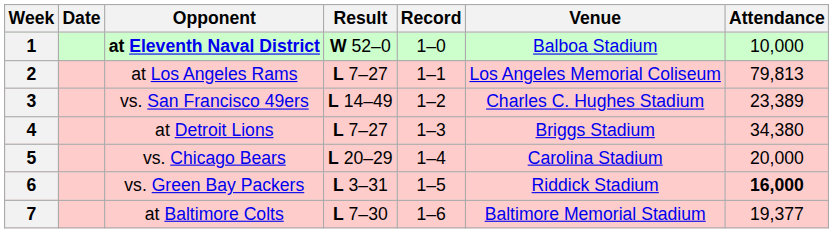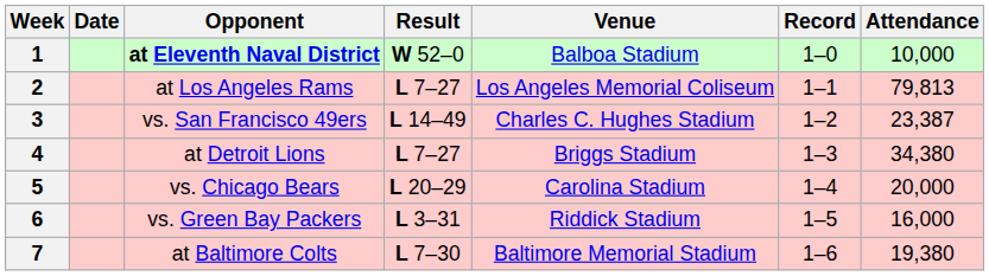 <table class="wikitable" style="text-align:center">
 <tr>
 <th>Week</th>
 <th>Date</th>
 <th>Opponent</th>
 <th>Result</th>
+<th>Venue</th>
 <th>Record</th>
-<th>Venue</th>
 <th>Attendance</th>
 </tr>
 <tr style="background:#cfc;">
 <th>1</th>
 <td></td>
 <td><strong>at <a href='#'>Eleventh Naval District</a></strong></td>
 <td><strong>W</strong> 52–0</td>
+<td><a href='#'>Balboa Stadium</a></td>
 <td>1–0</td>
-<td><a href='#'>Balboa Stadium</a></td>
 <td>10,000</td>
 </tr>
 <tr style="background:#fcc;">
 <th>2</th>
 <td></td>
 <td>at <a href='#'>Los Angeles Rams</a></td>
 <td><strong>L</strong> 7–27</td>
+<td><a href='#'>Los Angeles Memorial Coliseum</a></td>
 <td>1–1</td>
-<td><a href='#'>Los Angeles Memorial Coliseum</a></td>
 <td>79,813</td>
 </tr>
 <tr style="background:#fcc;">
 <th>3</th>
 <td></td>
 <td>vs. <a href='#'>San Francisco 49ers</a></td>
 <td><strong>L</strong> 14–49</td>
+<td><a href='#'>Charles C. Hughes Stadium</a> </td>
 <td>1–2</td>
-<td><a href='#'>Charles C. Hughes Stadium</a> </td>
-<td>23,389</td>
+<td>23,387</td>
 </tr>
 <tr style="background:#fcc;">
 <th>4</th>
 <td></td>
 <td>at <a href='#'>Detroit Lions</a></td>
 <td><strong>L</strong> 7–27</td>
+<td><a href='#'>Briggs Stadium</a></td>
 <td>1–3</td>
-<td><a href='#'>Briggs Stadium</a></td>
 <td>34,380</td>
 </tr>
 <tr style="background:#fcc;">
 <th>5</th>
 <td></td>
 <td>vs. <a href='#'>Chicago Bears</a></td>
 <td><strong>L</strong> 20–29</td>
+<td><a href='#'>Carolina Stadium</a> </td>
 <td>1–4</td>
-<td><a href='#'>Carolina Stadium</a> </td>
 <td>20,000</td>
 </tr>
 <tr style="background:#fcc;">
 <th>6</th>
 <td></td>
 <td>vs. <a href='#'>Green Bay Packers</a></td>
 <td><strong>L</strong> 3–31</td>
+<td><a href='#'>Riddick Stadium</a> </td>
 <td>1–5</td>
-<td><a href='#'>Riddick Stadium</a> </td>
-<td><strong>16,000</strong></td>
+<td>16,000</td>
 </tr>
 <tr style="background:#fcc;">
 <th>7</th>
 <td></td>
 <td>at <a href='#'>Baltimore Colts</a></td>
 <td><strong>L</strong> 7–30</td>
+<td><a href='#'>Baltimore Memorial Stadium</a></td>
 <td>1–6</td>
-<td><a href='#'>Baltimore Memorial Stadium</a></td>
-<td>19,377</td>
+<td>19,380</td>
 </tr>
 </table>
